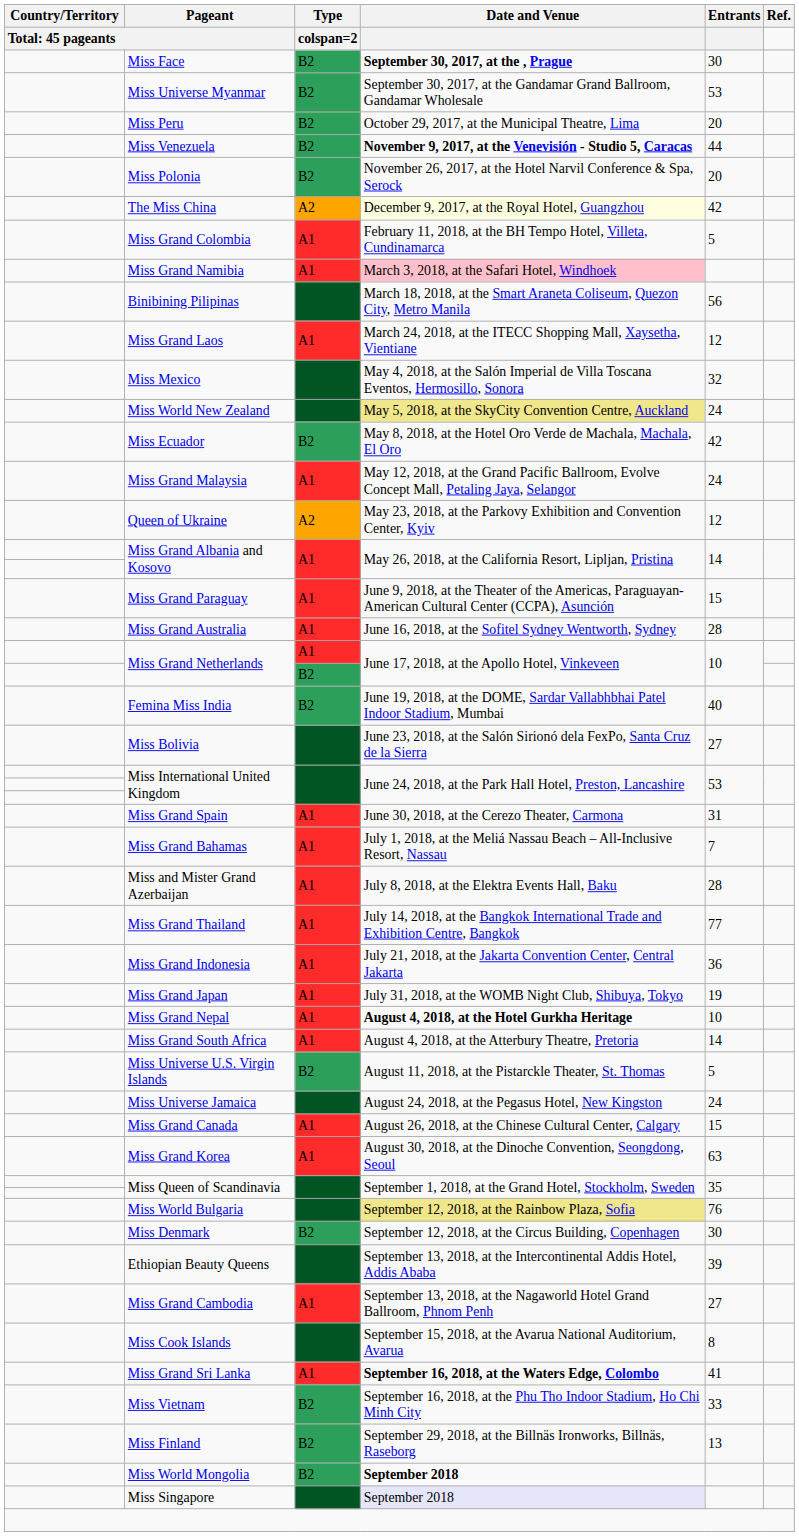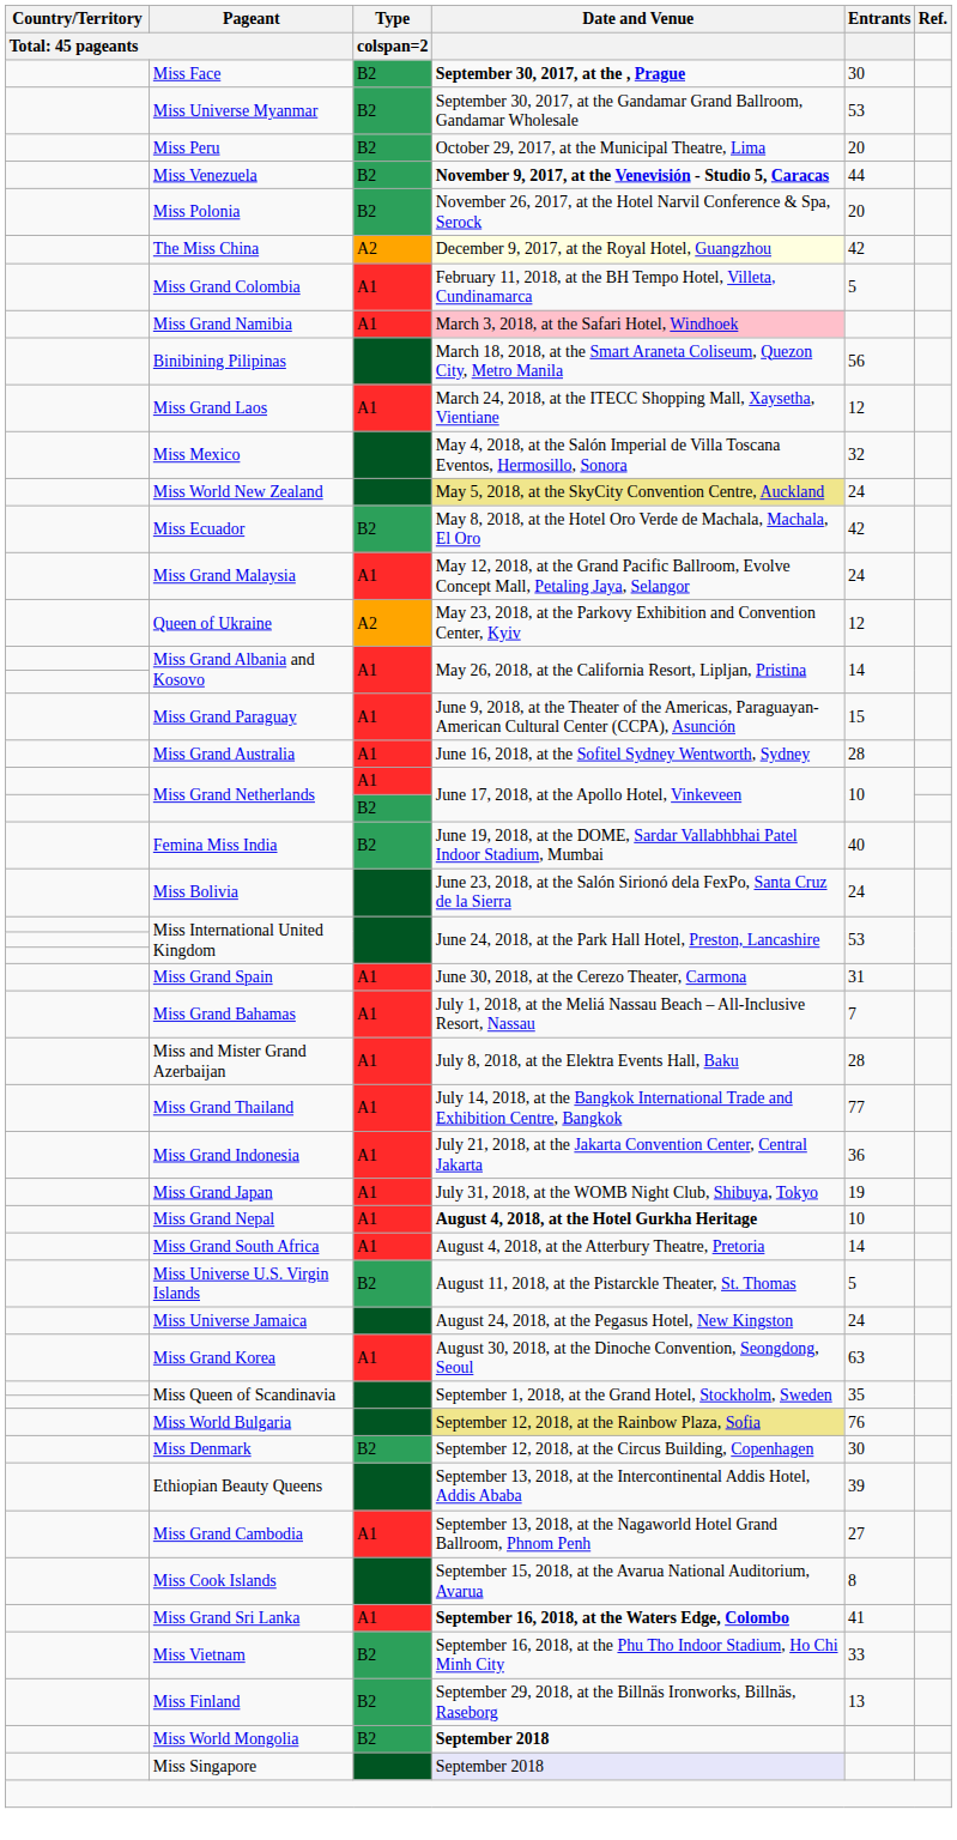 <table class="wikitable defaultcenter col1left col4left sortable static-row-numbers" style="font-size: 95%;">
 <tr>
 <th class="unsortable" style="width:125px;">Country/Territory</th>
 <th class="unsortable" style="width:180px;">Pageant</th>
 <th class=unsortable>Type</th>
 <th class=unsortable>Date and Venue</th>
 <th class=unsortable>Entrants</th>
 <th class=unsortable>Ref.</th>
 </tr>
 <tr style="background:white;" class="static-row-header">
 <th colspan="2" style="text-align:left;">Total: 45 pageants</th>
 <th>colspan=2 </th>
 <th></th>
 <th></th>
 </tr>
 <tr>
 <td></td>
 <td><a href='#'>Miss Face</a></td>
 <td bgcolor=#2ca05a>B2</td>
 <td><strong>September 30, 2017, at the , <a href='#'>Prague</a></strong></td>
 <td>30</td>
 <td></td>
 </tr>
 <tr>
 <td></td>
 <td><a href='#'>Miss Universe Myanmar</a></td>
 <td bgcolor=#2ca05a>B2</td>
 <td>September 30, 2017, at the Gandamar Grand Ballroom, Gandamar Wholesale</td>
 <td>53</td>
 <td></td>
 </tr>
 <tr>
 <td></td>
 <td><a href='#'>Miss Peru</a></td>
 <td bgcolor=#2ca05a>B2</td>
 <td>October 29, 2017, at the Municipal Theatre, <a href='#'>Lima</a></td>
 <td>20</td>
 <td></td>
 </tr>
 <tr>
 <td></td>
 <td><a href='#'>Miss Venezuela</a></td>
 <td bgcolor=#2ca05a>B2</td>
 <td><strong>November 9, 2017, at the <a href='#'>Venevisión</a> - Studio 5, <a href='#'>Caracas</a></strong></td>
 <td>44</td>
 <td></td>
 </tr>
 <tr>
 <td></td>
 <td><a href='#'>Miss Polonia</a></td>
 <td bgcolor=#2ca05a>B2</td>
 <td>November 26, 2017, at the Hotel Narvil Conference & Spa, <a href='#'>Serock</a></td>
 <td>20</td>
 <td></td>
 </tr>
 <tr>
 <td></td>
 <td><a href='#'>The Miss China</a></td>
 <td bgcolor=#ffa500>A2</td>
 <td style="background: lightyellow;">December 9, 2017, at the Royal Hotel, <a href='#'>Guangzhou</a></td>
 <td>42</td>
 <td></td>
 </tr>
 <tr>
 <td></td>
 <td><a href='#'>Miss Grand Colombia</a></td>
 <td bgcolor=#ff2a2a>A1</td>
 <td>February 11, 2018, at the BH Tempo Hotel, <a href='#'>Villeta, Cundinamarca</a></td>
 <td>5</td>
 <td></td>
 </tr>
 <tr>
 <td></td>
 <td><a href='#'>Miss Grand Namibia</a></td>
 <td bgcolor=#ff2a2a>A1</td>
 <td style="background: pink;">March 3, 2018, at the Safari Hotel, <a href='#'>Windhoek</a></td>
 <td></td>
 <td></td>
 </tr>
 <tr>
 <td></td>
 <td><a href='#'>Binibining Pilipinas</a></td>
 <td bgcolor=#005522></td>
 <td>March 18, 2018, at the <a href='#'>Smart Araneta Coliseum</a>, <a href='#'>Quezon City</a>, <a href='#'>Metro Manila</a></td>
 <td>56</td>
 <td></td>
 </tr>
 <tr>
 <td></td>
 <td><a href='#'>Miss Grand Laos</a></td>
 <td bgcolor=#ff2a2a>A1</td>
 <td>March 24, 2018, at the ITECC Shopping Mall, <a href='#'>Xaysetha</a>, <a href='#'>Vientiane</a></td>
 <td>12</td>
 <td></td>
 </tr>
 <tr>
 <td></td>
 <td><a href='#'>Miss Mexico</a></td>
 <td bgcolor=#005522></td>
 <td>May 4, 2018, at the Salón Imperial de Villa Toscana Eventos, <a href='#'>Hermosillo</a>, <a href='#'>Sonora</a></td>
 <td>32</td>
 <td></td>
 </tr>
 <tr>
 <td></td>
 <td><a href='#'>Miss World New Zealand</a></td>
 <td bgcolor=#005522></td>
 <td style="background: khaki;">May 5, 2018, at the SkyCity Convention Centre, <a href='#'>Auckland</a></td>
 <td>24</td>
 <td></td>
 </tr>
 <tr>
 <td></td>
 <td><a href='#'>Miss Ecuador</a></td>
 <td bgcolor=#2ca05a>B2</td>
 <td>May 8, 2018, at the Hotel Oro Verde de Machala, <a href='#'>Machala</a>, <a href='#'>El Oro</a></td>
 <td>42</td>
 <td></td>
 </tr>
 <tr>
 <td></td>
 <td><a href='#'>Miss Grand Malaysia</a></td>
 <td bgcolor=#ff2a2a>A1</td>
 <td>May 12, 2018, at the Grand Pacific Ballroom, Evolve Concept Mall, <a href='#'>Petaling Jaya</a>, <a href='#'>Selangor</a></td>
 <td>24</td>
 <td></td>
 </tr>
 <tr>
 <td></td>
 <td><a href='#'>Queen of Ukraine</a></td>
 <td bgcolor=#ffa500>A2</td>
 <td>May 23, 2018, at the Parkovy Exhibition and Convention Center, <a href='#'>Kyiv</a></td>
 <td>12</td>
 <td></td>
 </tr>
 <tr>
 <td></td>
 <td rowspan=2><a href='#'>Miss Grand Albania</a> and <a href='#'>Kosovo</a></td>
 <td rowspan=2 bgcolor=#ff2a2a>A1</td>
 <td rowspan=2>May 26, 2018, at the California Resort, Lipljan, <a href='#'>Pristina</a></td>
 <td rowspan=2>14</td>
 <td rowspan=2></td>
 </tr>
 <tr class="sortbottom static-row-header">
 <td></td>
 </tr>
 <tr>
 <td></td>
 <td><a href='#'>Miss Grand Paraguay</a></td>
 <td bgcolor=#ff2a2a>A1</td>
 <td>June 9, 2018, at the Theater of the Americas, Paraguayan-American Cultural Center (CCPA), <a href='#'>Asunción</a></td>
 <td>15</td>
 <td></td>
 </tr>
 <tr>
 <td></td>
 <td><a href='#'>Miss Grand Australia</a></td>
 <td bgcolor=#ff2a2a>A1</td>
 <td>June 16, 2018, at the <a href='#'>Sofitel Sydney Wentworth</a>, <a href='#'>Sydney</a></td>
 <td>28</td>
 <td></td>
 </tr>
 <tr>
 <td></td>
 <td rowspan=2><a href='#'>Miss Grand Netherlands</a></td>
 <td bgcolor=#ff2a2a>A1</td>
 <td rowspan=2>June 17, 2018, at the Apollo Hotel, <a href='#'>Vinkeveen</a></td>
 <td rowspan=2>10</td>
 <td></td>
 </tr>
 <tr class="sortbottom static-row-header">
 <td></td>
 <td bgcolor=#2ca05a>B2</td>
 <td></td>
 </tr>
 <tr>
 <td></td>
 <td><a href='#'>Femina Miss India</a></td>
 <td bgcolor=#2ca05a>B2</td>
 <td>June 19, 2018, at the DOME, <a href='#'>Sardar Vallabhbhai Patel Indoor Stadium</a>, Mumbai</td>
 <td>40</td>
 <td></td>
 </tr>
 <tr>
 <td></td>
 <td><a href='#'>Miss Bolivia</a></td>
 <td bgcolor=#005522></td>
 <td>June 23, 2018, at the Salón Sirionó dela FexPo, <a href='#'>Santa Cruz de la Sierra</a></td>
-<td>27</td>
+<td>24</td>
 <td></td>
 </tr>
 <tr>
 <td></td>
 <td rowspan=3>Miss International United Kingdom</td>
 <td rowspan=3 bgcolor=#005522></td>
 <td rowspan=3>June 24, 2018, at the Park Hall Hotel, <a href='#'>Preston, Lancashire</a></td>
 <td rowspan=3>53</td>
 <td rowspan=3></td>
 </tr>
 <tr class="sortbottom static-row-header">
 <td></td>
 </tr>
 <tr class="sortbottom static-row-header">
 <td></td>
 </tr>
 <tr>
 <td></td>
 <td><a href='#'>Miss Grand Spain</a></td>
 <td bgcolor=#ff2a2a>A1</td>
 <td>June 30, 2018, at the Cerezo Theater, <a href='#'>Carmona</a></td>
 <td>31</td>
 <td></td>
 </tr>
 <tr>
 <td></td>
 <td><a href='#'>Miss Grand Bahamas</a></td>
 <td bgcolor=#ff2a2a>A1</td>
 <td>July 1, 2018, at the Meliá Nassau Beach – All-Inclusive Resort, <a href='#'>Nassau</a></td>
 <td>7</td>
 <td></td>
 </tr>
 <tr>
 <td></td>
 <td>Miss and Mister Grand Azerbaijan</td>
 <td bgcolor=#ff2a2a>A1</td>
 <td>July 8, 2018, at the Elektra Events Hall, <a href='#'>Baku</a></td>
 <td>28</td>
 <td></td>
 </tr>
 <tr>
 <td></td>
 <td><a href='#'>Miss Grand Thailand</a></td>
 <td bgcolor=#ff2a2a>A1</td>
 <td>July 14, 2018, at the <a href='#'>Bangkok International Trade and Exhibition Centre</a>, <a href='#'>Bangkok</a></td>
 <td>77</td>
 <td></td>
 </tr>
 <tr>
 <td></td>
 <td><a href='#'>Miss Grand Indonesia</a></td>
 <td bgcolor=#ff2a2a>A1</td>
 <td>July 21, 2018, at the <a href='#'>Jakarta Convention Center</a>, <a href='#'>Central Jakarta</a></td>
 <td>36</td>
 <td></td>
 </tr>
 <tr>
 <td></td>
 <td><a href='#'>Miss Grand Japan</a></td>
 <td bgcolor=#ff2a2a>A1</td>
 <td>July 31, 2018, at the WOMB Night Club, <a href='#'>Shibuya</a>, <a href='#'>Tokyo</a></td>
 <td>19</td>
 <td></td>
 </tr>
 <tr>
 <td></td>
 <td><a href='#'>Miss Grand Nepal</a></td>
 <td bgcolor=#ff2a2a>A1</td>
 <td><strong>August 4, 2018, at the Hotel Gurkha Heritage</strong></td>
 <td>10</td>
 <td></td>
 </tr>
 <tr>
 <td></td>
 <td><a href='#'>Miss Grand South Africa</a></td>
 <td bgcolor=#ff2a2a>A1</td>
 <td>August 4, 2018, at the Atterbury Theatre, <a href='#'>Pretoria</a></td>
 <td>14</td>
 <td></td>
 </tr>
 <tr>
 <td></td>
 <td><a href='#'>Miss Universe U.S. Virgin Islands</a></td>
 <td bgcolor=#2ca05a>B2</td>
 <td>August 11, 2018, at the Pistarckle Theater, <a href='#'>St. Thomas</a></td>
 <td>5</td>
 <td></td>
 </tr>
 <tr>
 <td></td>
 <td><a href='#'>Miss Universe Jamaica</a></td>
 <td bgcolor=#005522></td>
 <td>August 24, 2018, at the Pegasus Hotel, <a href='#'>New Kingston</a></td>
 <td>24</td>
-<td></td>
-</tr>
-<tr>
-<td></td>
-<td><a href='#'>Miss Grand Canada</a></td>
-<td bgcolor=#ff2a2a>A1</td>
-<td>August 26, 2018, at the Chinese Cultural Center, <a href='#'>Calgary</a></td>
-<td>15</td>
 <td></td>
 </tr>
 <tr>
 <td></td>
 <td><a href='#'>Miss Grand Korea</a></td>
 <td bgcolor=#ff2a2a>A1</td>
 <td>August 30, 2018, at the Dinoche Convention, <a href='#'>Seongdong</a>, <a href='#'>Seoul</a></td>
 <td>63</td>
 <td></td>
 </tr>
 <tr>
 <td></td>
 <td rowspan=2>Miss Queen of Scandinavia</td>
 <td rowspan=2 bgcolor=#005522></td>
 <td rowspan=2>September 1, 2018, at the Grand Hotel, <a href='#'>Stockholm</a>, <a href='#'>Sweden</a></td>
 <td rowspan=2>35</td>
 <td rowspan=2></td>
 </tr>
 <tr class="sortbottom static-row-header">
 <td></td>
 </tr>
 <tr>
 <td></td>
 <td><a href='#'>Miss World Bulgaria</a></td>
 <td bgcolor=#005522></td>
 <td style="background: khaki;">September 12, 2018, at the Rainbow Plaza, <a href='#'>Sofia</a></td>
 <td>76</td>
 <td></td>
 </tr>
 <tr>
 <td></td>
 <td><a href='#'>Miss Denmark</a></td>
 <td bgcolor=#2ca05a>B2</td>
 <td>September 12, 2018, at the Circus Building, <a href='#'>Copenhagen</a></td>
 <td>30</td>
 <td></td>
 </tr>
 <tr>
 <td></td>
 <td>Ethiopian Beauty Queens</td>
 <td bgcolor=#005522></td>
 <td>September 13, 2018, at the Intercontinental Addis Hotel, <a href='#'>Addis Ababa</a></td>
 <td>39</td>
 <td></td>
 </tr>
 <tr>
 <td></td>
 <td><a href='#'>Miss Grand Cambodia</a></td>
 <td bgcolor=#ff2a2a>A1</td>
 <td>September 13, 2018, at the Nagaworld Hotel Grand Ballroom, <a href='#'>Phnom Penh</a></td>
 <td>27</td>
 <td></td>
 </tr>
 <tr>
 <td></td>
 <td><a href='#'>Miss Cook Islands</a></td>
 <td bgcolor=#005522></td>
 <td>September 15, 2018, at the  Avarua National Auditorium, <a href='#'>Avarua</a></td>
 <td>8</td>
 <td></td>
 </tr>
 <tr>
 <td></td>
 <td><a href='#'>Miss Grand Sri Lanka</a></td>
 <td bgcolor=#ff2a2a>A1</td>
 <td><strong>September 16, 2018, at the Waters Edge, <a href='#'>Colombo</a></strong></td>
 <td>41</td>
 <td></td>
 </tr>
 <tr>
 <td></td>
 <td><a href='#'>Miss Vietnam</a></td>
 <td bgcolor=#2ca05a>B2</td>
 <td>September 16, 2018, at the <a href='#'>Phu Tho Indoor Stadium</a>, <a href='#'>Ho Chi Minh City</a></td>
 <td>33</td>
 <td></td>
 </tr>
 <tr>
 <td></td>
 <td><a href='#'>Miss Finland</a></td>
 <td bgcolor=#2ca05a>B2</td>
 <td>September 29, 2018, at the Billnäs Ironworks, Billnäs, <a href='#'>Raseborg</a></td>
 <td>13</td>
 <td></td>
 </tr>
 <tr>
 <td></td>
 <td><a href='#'>Miss World Mongolia</a></td>
 <td bgcolor=#2ca05a>B2</td>
 <td><strong>September 2018</strong></td>
 <td></td>
 <td></td>
 </tr>
 <tr>
 <td></td>
 <td>Miss Singapore</td>
 <td bgcolor=#005522></td>
 <td style="background: lavender;">September 2018</td>
 <td></td>
 <td></td>
 </tr>
 <tr class="sortbottom static-row-header">
 <td colspan="6"><br></td>
 </tr>
 </table>
